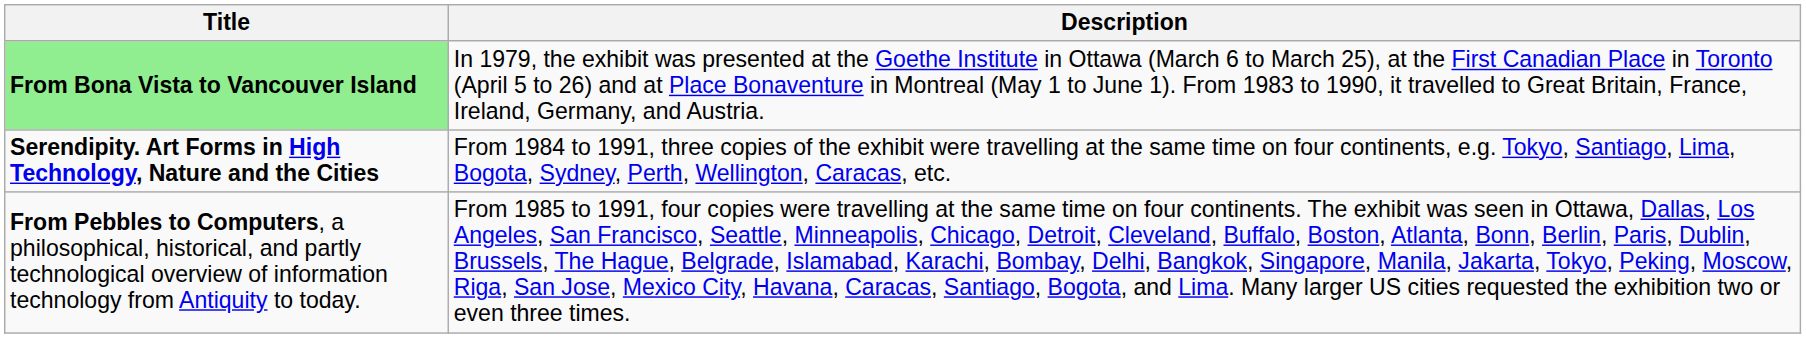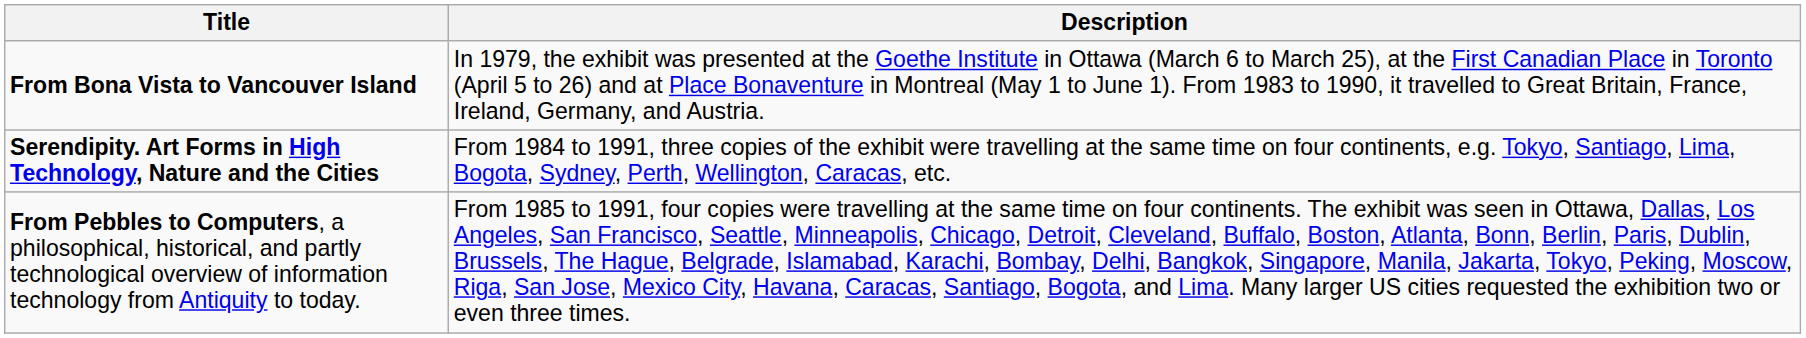 <table class="wikitable">
 <tr>
 <th>Title</th>
 <th>Description</th>
 </tr>
 <tr>
-<td style="background: lightgreen; text-align:left;"><strong>From Bona Vista to Vancouver Island</strong></td>
+<td style="text-align:left;"><strong>From Bona Vista to Vancouver Island</strong></td>
 <td style="text-align:left;">In 1979, the exhibit was presented at the <a href='#'>Goethe Institute</a> in Ottawa (March 6 to March 25), at the <a href='#'>First Canadian Place</a> in <a href='#'>Toronto</a> (April 5 to 26) and at <a href='#'>Place Bonaventure</a> in Montreal (May 1 to June 1). From 1983 to 1990, it travelled to Great Britain, France, Ireland, Germany, and Austria.</td>
 </tr>
 <tr>
 <td style="text-align:left;"><strong>Serendipity. Art Forms in <a href='#'>High Technology</a>, Nature and the Cities</strong></td>
 <td style="text-align:left;">From 1984 to 1991, three copies of the exhibit were travelling at the same time on four continents, e.g. <a href='#'>Tokyo</a>, <a href='#'>Santiago</a>, <a href='#'>Lima</a>, <a href='#'>Bogota</a>, <a href='#'>Sydney</a>, <a href='#'>Perth</a>, <a href='#'>Wellington</a>, <a href='#'>Caracas</a>, etc.</td>
 </tr>
 <tr>
 <td style="text-align:left;"><strong>From Pebbles to Computers</strong>, a philosophical, historical, and partly technological overview of information technology from <a href='#'>Antiquity</a> to today.</td>
 <td style="text-align:left;">From 1985 to 1991, four copies were travelling at the same time on four continents. The exhibit was seen in Ottawa, <a href='#'>Dallas</a>, <a href='#'>Los Angeles</a>, <a href='#'>San Francisco</a>, <a href='#'>Seattle</a>, <a href='#'>Minneapolis</a>, <a href='#'>Chicago</a>, <a href='#'>Detroit</a>, <a href='#'>Cleveland</a>, <a href='#'>Buffalo</a>, <a href='#'>Boston</a>, <a href='#'>Atlanta</a>, <a href='#'>Bonn</a>, <a href='#'>Berlin</a>, <a href='#'>Paris</a>, <a href='#'>Dublin</a>, <a href='#'>Brussels</a>, <a href='#'>The Hague</a>, <a href='#'>Belgrade</a>, <a href='#'>Islamabad</a>, <a href='#'>Karachi</a>, <a href='#'>Bombay</a>, <a href='#'>Delhi</a>, <a href='#'>Bangkok</a>, <a href='#'>Singapore</a>, <a href='#'>Manila</a>, <a href='#'>Jakarta</a>, <a href='#'>Tokyo</a>, <a href='#'>Peking</a>, <a href='#'>Moscow</a>, <a href='#'>Riga</a>, <a href='#'>San Jose</a>, <a href='#'>Mexico City</a>, <a href='#'>Havana</a>, <a href='#'>Caracas</a>, <a href='#'>Santiago</a>, <a href='#'>Bogota</a>, and <a href='#'>Lima</a>. Many larger US cities requested the exhibition two or even three times.</td>
 </tr>
 </table>
